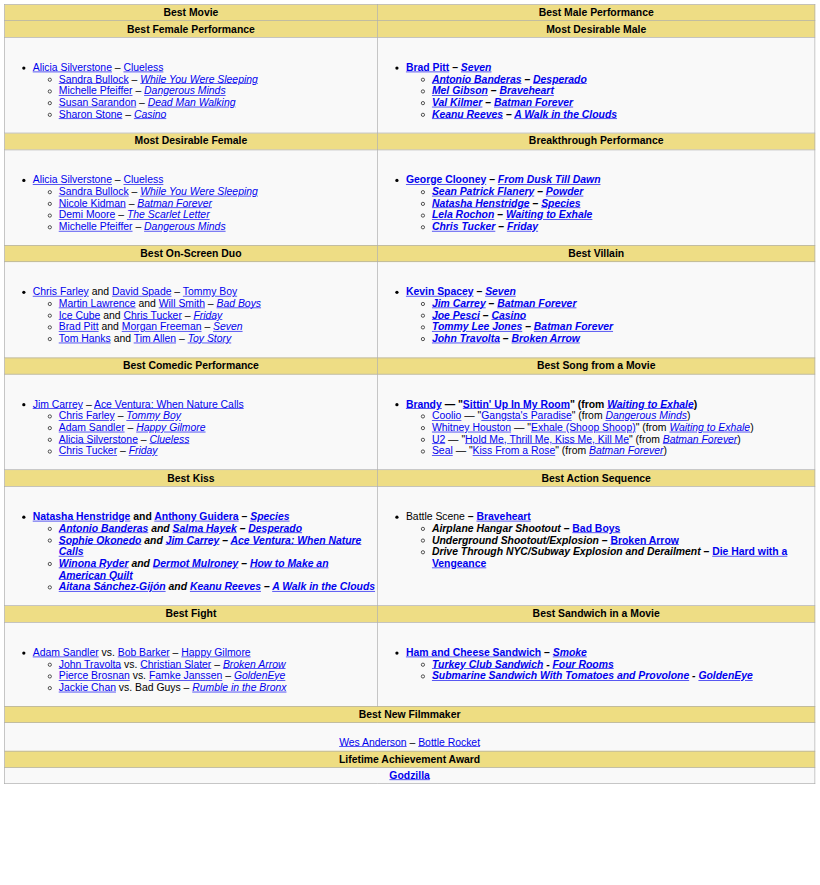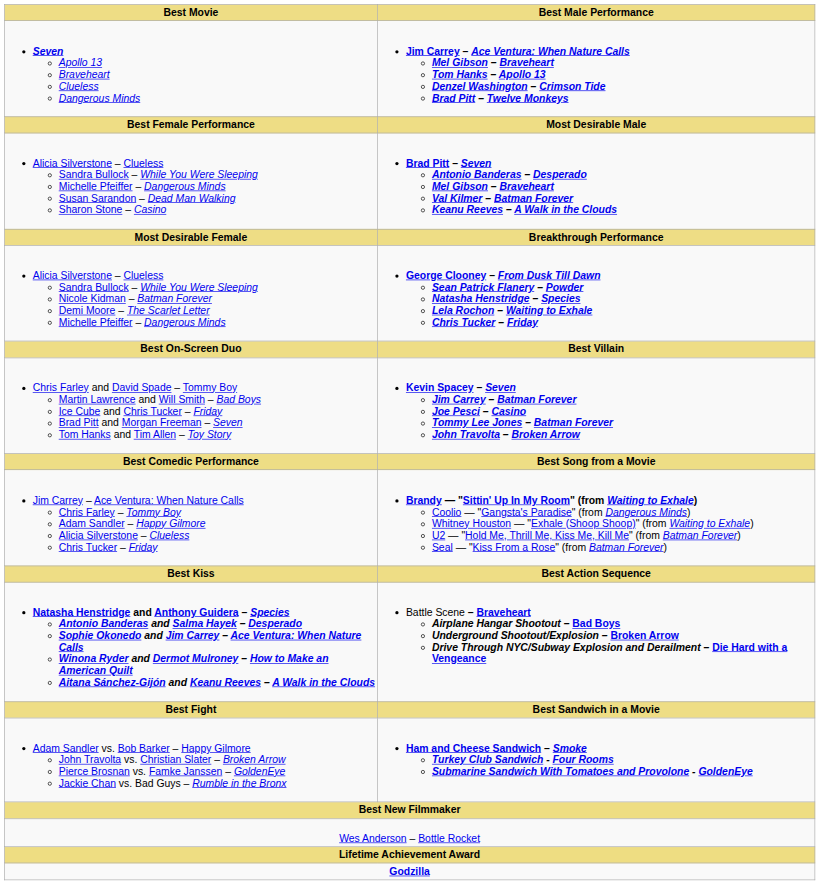 <table class=wikitable style="width="150%">
 <tr>
 <th style="background:#EEDD85; width=50%">Best Movie</th>
 <th style="background:#EEDD85; width=50%">Best Male Performance</th>
+</tr>
+<tr>
+<td valign="top"><br><ul><li><strong><em><a href='#'>Seven</a></em></strong><ul><li><em><a href='#'>Apollo 13</a></em></li><li><em><a href='#'>Braveheart</a></em></li><li><em><a href='#'>Clueless</a></em></li><li><em><a href='#'>Dangerous Minds</a></em></li></ul></li></ul></td>
+<td valign="top"><br><ul><li><strong><a href='#'>Jim Carrey</a> – <em><a href='#'>Ace Ventura: When Nature Calls</a><strong><em><ul><li><a href='#'>Mel Gibson</a> – </em><a href='#'>Braveheart</a><em></li><li><a href='#'>Tom Hanks</a> – </em><a href='#'>Apollo 13</a><em></li><li><a href='#'>Denzel Washington</a> – </em><a href='#'>Crimson Tide</a><em></li><li><a href='#'>Brad Pitt</a> – </em><a href='#'>Twelve Monkeys</a><em></li></ul></li></ul></td>
 </tr>
 <tr>
 <th style="background:#EEDD85; width=50%">Best Female Performance</th>
 <th style="background:#EEDD85; width=50%">Most Desirable Male</th>
 </tr>
 <tr>
 <td valign="top"><br><ul><li></strong><a href='#'>Alicia Silverstone</a> – </em><a href='#'>Clueless</a></em></strong><ul><li><a href='#'>Sandra Bullock</a> – <em><a href='#'>While You Were Sleeping</a></em></li><li><a href='#'>Michelle Pfeiffer</a> – <em><a href='#'>Dangerous Minds</a></em></li><li><a href='#'>Susan Sarandon</a> – <em><a href='#'>Dead Man Walking</a></em></li><li><a href='#'>Sharon Stone</a> – <em><a href='#'>Casino</a></em></li></ul></li></ul></td>
 <td valign="top"><br><ul><li><strong><a href='#'>Brad Pitt</a> – <em><a href='#'>Seven</a><strong><em><ul><li><a href='#'>Antonio Banderas</a> – </em><a href='#'>Desperado</a><em></li><li><a href='#'>Mel Gibson</a> – </em><a href='#'>Braveheart</a><em></li><li><a href='#'>Val Kilmer</a> – </em><a href='#'>Batman Forever</a><em></li><li><a href='#'>Keanu Reeves</a> – </em><a href='#'>A Walk in the Clouds</a><em></li></ul></li></ul></td>
 </tr>
 <tr>
 <th style="background:#EEDD85; width=50%">Most Desirable Female</th>
 <th style="background:#EEDD85; width=50%">Breakthrough Performance</th>
 </tr>
 <tr>
 <td valign="top"><br><ul><li></strong><a href='#'>Alicia Silverstone</a> – </em><a href='#'>Clueless</a></em></strong><ul><li><a href='#'>Sandra Bullock</a> – <em><a href='#'>While You Were Sleeping</a></em></li><li><a href='#'>Nicole Kidman</a> – <em><a href='#'>Batman Forever</a></em></li><li><a href='#'>Demi Moore</a> – <em><a href='#'>The Scarlet Letter</a></em></li><li><a href='#'>Michelle Pfeiffer</a> – <em><a href='#'>Dangerous Minds</a></em></li></ul></li></ul></td>
 <td valign="top"><br><ul><li><strong><a href='#'>George Clooney</a> – <em><a href='#'>From Dusk Till Dawn</a><strong><em><ul><li><a href='#'>Sean Patrick Flanery</a> – </em><a href='#'>Powder</a><em></li><li><a href='#'>Natasha Henstridge</a> – </em><a href='#'>Species</a><em></li><li><a href='#'>Lela Rochon</a> – </em><a href='#'>Waiting to Exhale</a><em></li><li><a href='#'>Chris Tucker</a> – </em><a href='#'>Friday</a><em></li></ul></li></ul></td>
 </tr>
 <tr>
 <th style="background:#EEDD85; width=50%">Best On-Screen Duo</th>
 <th style="background:#EEDD85; width=50%">Best Villain</th>
 </tr>
 <tr>
 <td valign="top"><br><ul><li></strong><a href='#'>Chris Farley</a> and <a href='#'>David Spade</a> – </em><a href='#'>Tommy Boy</a></em></strong><ul><li><a href='#'>Martin Lawrence</a> and <a href='#'>Will Smith</a> – <em><a href='#'>Bad Boys</a></em></li><li><a href='#'>Ice Cube</a> and <a href='#'>Chris Tucker</a> – <em><a href='#'>Friday</a></em></li><li><a href='#'>Brad Pitt</a> and <a href='#'>Morgan Freeman</a> – <em><a href='#'>Seven</a></em></li><li><a href='#'>Tom Hanks</a> and <a href='#'>Tim Allen</a> – <em><a href='#'>Toy Story</a></em></li></ul></li></ul></td>
 <td valign="top"><br><ul><li><strong><a href='#'>Kevin Spacey</a> – <em><a href='#'>Seven</a><strong><em><ul><li><a href='#'>Jim Carrey</a> – </em><a href='#'>Batman Forever</a><em></li><li><a href='#'>Joe Pesci</a> – </em><a href='#'>Casino</a><em></li><li><a href='#'>Tommy Lee Jones</a> – </em><a href='#'>Batman Forever</a><em></li><li><a href='#'>John Travolta</a> – </em><a href='#'>Broken Arrow</a><em></li></ul></li></ul></td>
 </tr>
 <tr>
 <th style="background:#EEDD85; width=50%">Best Comedic Performance</th>
 <th style="background:#EEDD85; width=50%">Best Song from a Movie</th>
 </tr>
 <tr>
 <td valign="top"><br><ul><li></strong><a href='#'>Jim Carrey</a> – </em><a href='#'>Ace Ventura: When Nature Calls</a></em></strong><ul><li><a href='#'>Chris Farley</a> – <em><a href='#'>Tommy Boy</a></em></li><li><a href='#'>Adam Sandler</a> – <em><a href='#'>Happy Gilmore</a></em></li><li><a href='#'>Alicia Silverstone</a> – <em><a href='#'>Clueless</a></em></li><li><a href='#'>Chris Tucker</a> – <em><a href='#'>Friday</a></em></li></ul></li></ul></td>
 <td valign="top"><br><ul><li><strong><a href='#'>Brandy</a> — "<a href='#'>Sittin' Up In My Room</a>" (from <em><a href='#'>Waiting to Exhale</a></em>)</strong><ul><li><a href='#'>Coolio</a> — "<a href='#'>Gangsta's Paradise</a>" (from <em><a href='#'>Dangerous Minds</a></em>)</li><li><a href='#'>Whitney Houston</a> — "<a href='#'>Exhale (Shoop Shoop)</a>" (from <em><a href='#'>Waiting to Exhale</a></em>)</li><li><a href='#'>U2</a> — "<a href='#'>Hold Me, Thrill Me, Kiss Me, Kill Me</a>" (from <em><a href='#'>Batman Forever</a></em>)</li><li><a href='#'>Seal</a> — "<a href='#'>Kiss From a Rose</a>" (from <em><a href='#'>Batman Forever</a></em>)</li></ul></li></ul></td>
 </tr>
 <tr>
 <th style="background:#EEDD85; width=50%">Best Kiss</th>
 <th style="background:#EEDD85; width=50%">Best Action Sequence</th>
 </tr>
 <tr>
 <td valign="top"><br><ul><li><strong><a href='#'>Natasha Henstridge</a> and <a href='#'>Anthony Guidera</a> – <em><a href='#'>Species</a><strong><em><ul><li><a href='#'>Antonio Banderas</a> and <a href='#'>Salma Hayek</a> – </em><a href='#'>Desperado</a><em></li><li><a href='#'>Sophie Okonedo</a> and <a href='#'>Jim Carrey</a> – </em><a href='#'>Ace Ventura: When Nature Calls</a><em></li><li><a href='#'>Winona Ryder</a> and <a href='#'>Dermot Mulroney</a> – </em><a href='#'>How to Make an American Quilt</a><em></li><li><a href='#'>Aitana Sánchez-Gijón</a> and <a href='#'>Keanu Reeves</a> – </em><a href='#'>A Walk in the Clouds</a><em></li></ul></li></ul></td>
 <td valign="top"><br><ul><li></strong>Battle Scene<strong> – </em><a href='#'>Braveheart</a><em><ul><li>Airplane Hangar Shootout – </em><a href='#'>Bad Boys</a><em></li><li>Underground Shootout/Explosion – </em><a href='#'>Broken Arrow</a><em></li><li>Drive Through NYC/Subway Explosion and Derailment – </em><a href='#'>Die Hard with a Vengeance</a><em></li></ul></li></ul></td>
 </tr>
 <tr>
 <th style="background:#EEDD85; width=50%">Best Fight</th>
 <th style="background:#EEDD85; width=50%">Best Sandwich in a Movie</th>
 </tr>
 <tr>
 <td valign="top"><br><ul><li></strong><a href='#'>Adam Sandler</a> vs. <a href='#'>Bob Barker</a> – </em><a href='#'>Happy Gilmore</a></em></strong><ul><li><a href='#'>John Travolta</a> vs. <a href='#'>Christian Slater</a> – <em><a href='#'>Broken Arrow</a></em></li><li><a href='#'>Pierce Brosnan</a> vs. <a href='#'>Famke Janssen</a> – <em><a href='#'>GoldenEye</a></em></li><li><a href='#'>Jackie Chan</a> vs. Bad Guys – <em><a href='#'>Rumble in the Bronx</a></em></li></ul></li></ul></td>
 <td valign="top"><br><ul><li><strong><a href='#'>Ham and Cheese Sandwich</a> – <em><a href='#'>Smoke</a><strong><em><ul><li><a href='#'>Turkey Club Sandwich</a> - </em><a href='#'>Four Rooms</a><em></li><li><a href='#'>Submarine Sandwich With Tomatoes and Provolone</a> - </em><a href='#'>GoldenEye</a><em></li></ul></li></ul></td>
 </tr>
 <tr>
 <th colspan="2" style="background:#EEDD82;">Best New Filmmaker</th>
 </tr>
 <tr>
 <td colspan="2" style="text-align: center;"><br></strong><a href='#'>Wes Anderson</a> – </em><a href='#'>Bottle Rocket</a></em></strong></td>
 </tr>
 <tr>
 <th style="background:#EEDD82; width=50%" colspan="2">Lifetime Achievement Award</th>
 </tr>
 <tr>
 <td colspan="2" style="text-align: center;"><strong><a href='#'>Godzilla</a></strong></td>
 </tr>
 </table>
